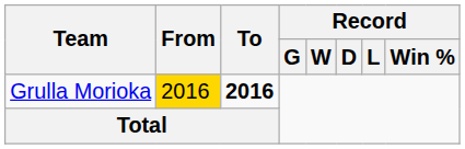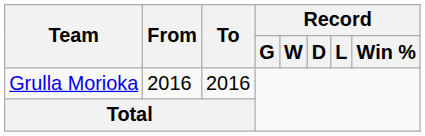 <table class="wikitable" style="text-align: center">
 <tr>
 <th rowspan="2">Team</th>
 <th rowspan="2">From</th>
 <th rowspan="2">To</th>
 <th colspan="5">Record</th>
 </tr>
 <tr>
 <th>G</th>
 <th>W</th>
 <th>D</th>
 <th>L</th>
 <th>Win %</th>
 </tr>
 <tr>
 <td align="left"><a href='#'>Grulla Morioka</a></td>
-<td align="left" style="background: gold;">2016</td>
-<td align="left"><strong>2016<br></strong></td>
+<td align="left">2016</td>
+<td align="left">2016<br></td>
 </tr>
 <tr>
 <th colspan="3">Total<br></th>
 </tr>
 </table>
